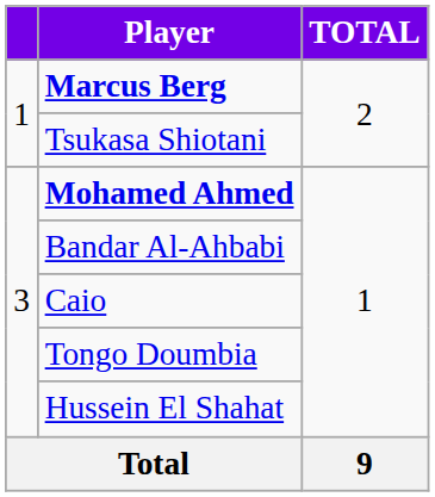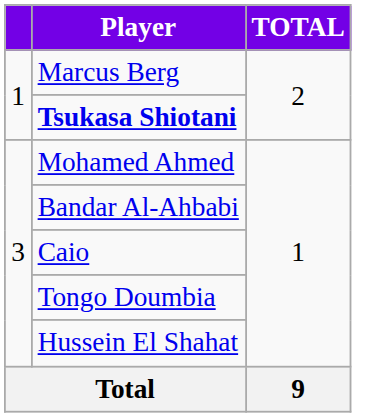 <table border="0" class="wikitable" style="text-align:center;font-size:95%">
 <tr>
 <th scope=col style="color:#FFFFFF; background:#7300E6;"></th>
 <th scope=col style="color:#FFFFFF; background:#7300E6;">Player</th>
 <th scope=col style="color:#FFFFFF; background:#7300E6;">TOTAL</th>
 </tr>
 <tr>
 <td rowspan=2>1</td>
-<td align=left><strong> <a href='#'>Marcus Berg</a></strong></td>
+<td align=left> <a href='#'>Marcus Berg</a></td>
 <td rowspan=2 align=center>2</td>
 </tr>
 <tr>
-<td align=left> <a href='#'>Tsukasa Shiotani</a></td>
+<td align=left><strong> <a href='#'>Tsukasa Shiotani</a></strong></td>
 </tr>
 <tr>
 <td rowspan=5>3</td>
-<td align=left><strong> <a href='#'>Mohamed Ahmed</a></strong></td>
+<td align=left> <a href='#'>Mohamed Ahmed</a></td>
 <td rowspan=5 align=center>1</td>
 </tr>
 <tr>
 <td align=left> <a href='#'>Bandar Al-Ahbabi</a></td>
 </tr>
 <tr>
 <td align=left> <a href='#'>Caio</a></td>
 </tr>
 <tr>
 <td align=left> <a href='#'>Tongo Doumbia</a></td>
 </tr>
 <tr>
 <td align=left> <a href='#'>Hussein El Shahat</a></td>
 </tr>
 <tr>
 <th colspan="2">Total</th>
 <th>9</th>
 </tr>
 </table>
